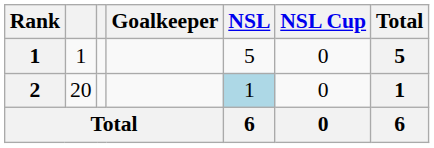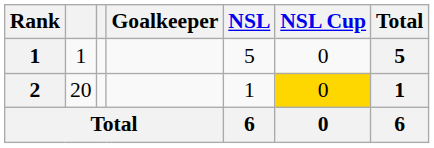 <table class="wikitable sortable" style="text-align:center">
 <tr>
 <th>Rank</th>
 <th></th>
 <th></th>
 <th>Goalkeeper</th>
 <th><a href='#'>NSL</a></th>
 <th><a href='#'>NSL Cup</a></th>
 <th>Total</th>
 </tr>
 <tr>
 <th>1</th>
 <td>1</td>
 <td></td>
 <td align="left"></td>
 <td>5</td>
 <td>0</td>
 <th>5</th>
 </tr>
 <tr>
 <th>2</th>
 <td>20</td>
 <td></td>
 <td align="left"></td>
-<td style="background: lightblue;">1</td>
-<td>0</td>
+<td>1</td>
+<td style="background: gold;">0</td>
 <th>1</th>
 </tr>
 <tr>
 <th colspan="4">Total</th>
 <th>6</th>
 <th>0</th>
 <th>6</th>
 </tr>
 </table>
